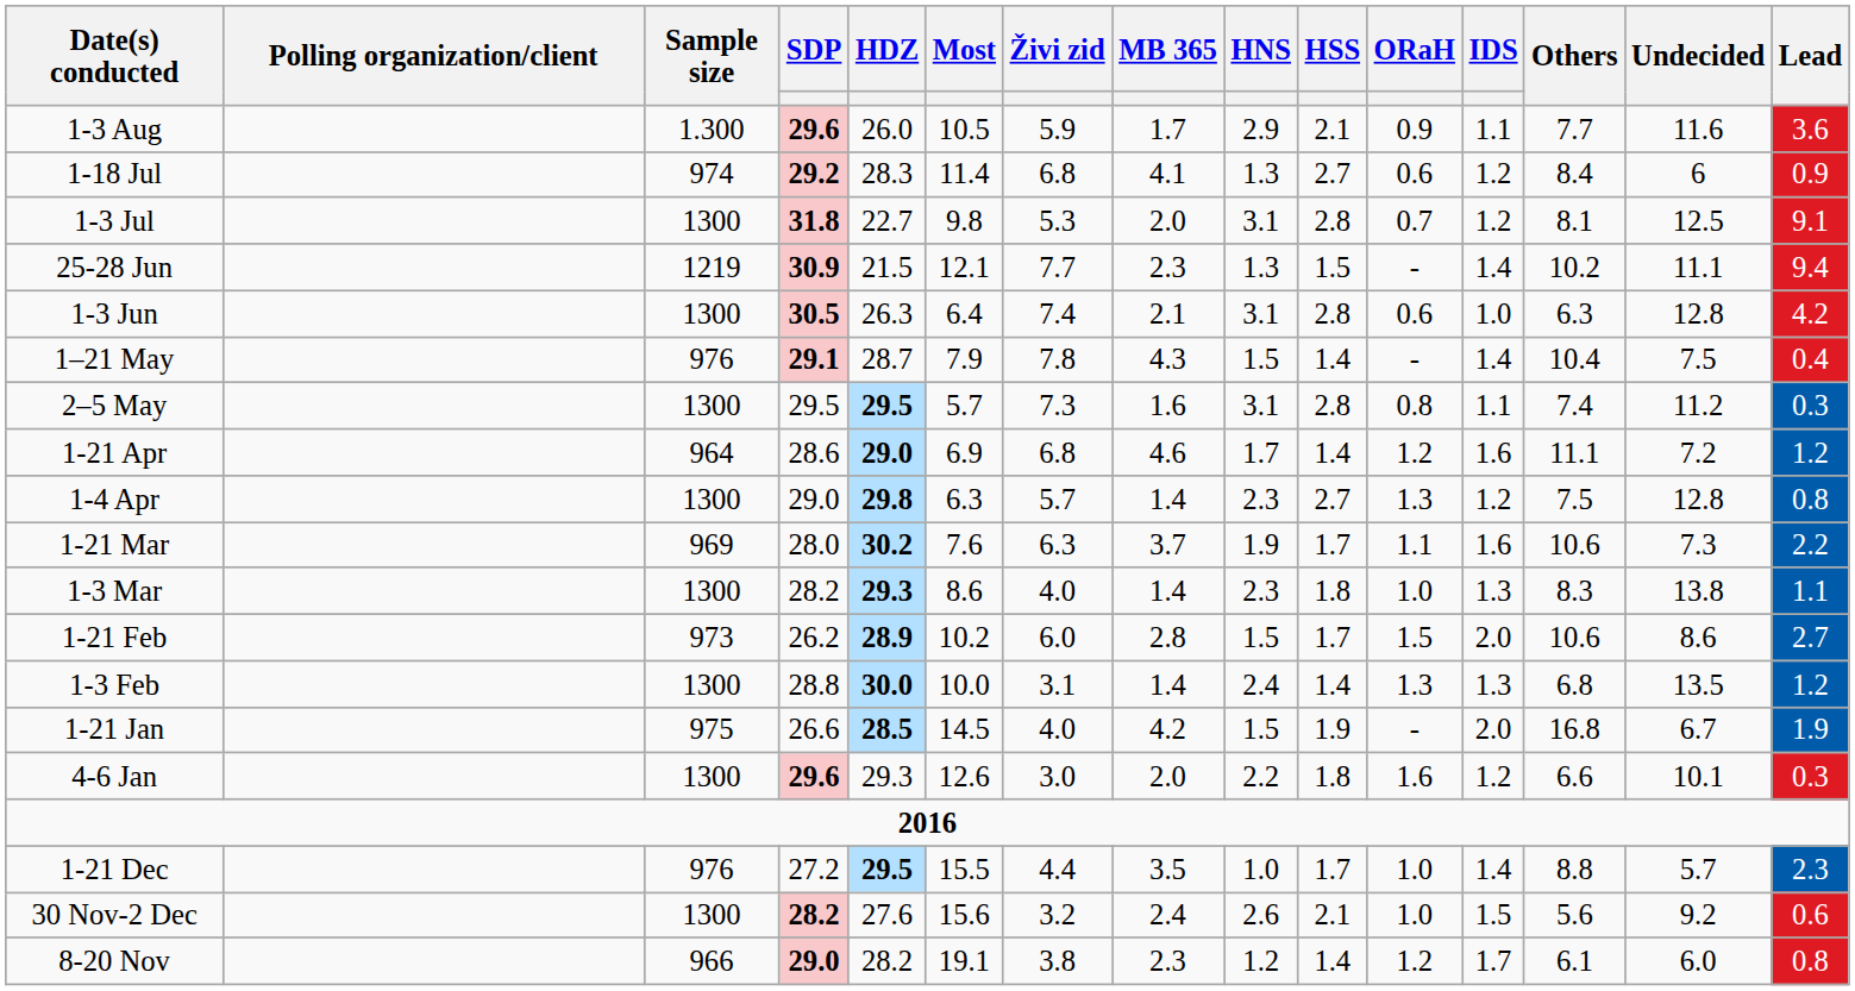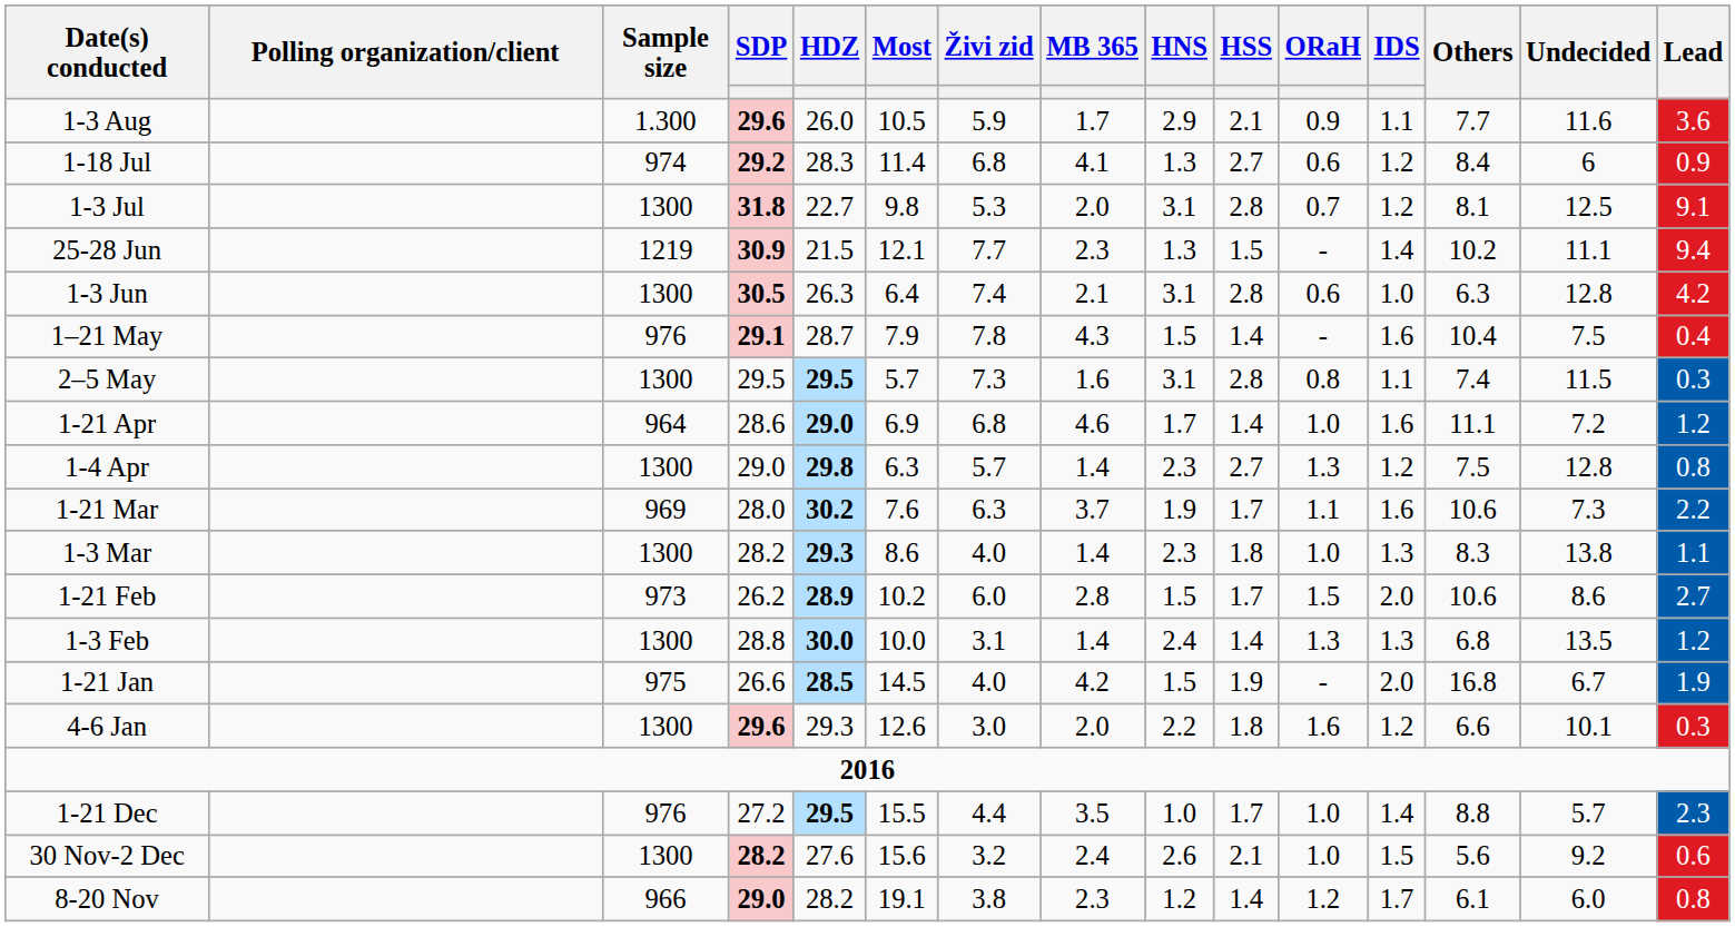 <table class="wikitable" style="text-align:center; font-size:90%; line-height:16px;">
 <tr style="height:42px;">
 <th style="width:100px;" rowspan="2">Date(s) conducted</th>
 <th style="width:200px;" rowspan="2">Polling organization/client</th>
 <th style="width:60px;" rowspan="2">Sample size</th>
 <th><a href='#'><span>SDP</span></a></th>
 <th><a href='#'><span>HDZ</span></a></th>
 <th><a href='#'><span>Most</span></a></th>
 <th><a href='#'><span>Živi zid</span></a></th>
 <th><a href='#'><span>MB 365</span></a></th>
 <th><a href='#'><span>HNS</span></a></th>
 <th><a href='#'><span>HSS</span></a></th>
 <th><a href='#'><span>ORaH</span></a></th>
 <th><a href='#'>IDS</a></th>
 <th style="width:40px;" rowspan="2">Others</th>
 <th style="width:40px;" rowspan="2">Undecided</th>
 <th style="width:20px;" rowspan="2">Lead</th>
 </tr>
 <tr>
 <th style="background:"></th>
 <th style="background:"></th>
 <th style="background:"></th>
 <th style="background:"></th>
 <th style="background:"></th>
 <th style="background:"></th>
 <th style="background:"></th>
 <th style="background:"></th>
 <th style="background:"></th>
 </tr>
 <tr>
 <td>1-3 Aug</td>
 <td></td>
 <td>1.300</td>
 <td style="background:#F9C8CA"><strong>29.6</strong></td>
 <td>26.0</td>
 <td>10.5</td>
 <td>5.9</td>
 <td>1.7</td>
 <td>2.9</td>
 <td>2.1</td>
 <td>0.9</td>
 <td>1.1</td>
 <td>7.7</td>
 <td>11.6</td>
 <td style="background:#DF1A22; color:white;">3.6</td>
 </tr>
 <tr>
 <td>1-18 Jul</td>
 <td></td>
 <td>974</td>
 <td style="background:#F9C8CA"><strong>29.2</strong></td>
 <td>28.3</td>
 <td>11.4</td>
 <td>6.8</td>
 <td>4.1</td>
 <td>1.3</td>
 <td>2.7</td>
 <td>0.6</td>
 <td>1.2</td>
 <td>8.4</td>
 <td>6</td>
 <td style="background:#DF1A22; color:white;">0.9</td>
 </tr>
 <tr>
 <td>1-3 Jul</td>
 <td></td>
 <td>1300</td>
 <td style="background:#F9C8CA"><strong>31.8</strong></td>
 <td>22.7</td>
 <td>9.8</td>
 <td>5.3</td>
 <td>2.0</td>
 <td>3.1</td>
 <td>2.8</td>
 <td>0.7</td>
 <td>1.2</td>
 <td>8.1</td>
 <td>12.5</td>
 <td style="background:#DF1A22; color:white;">9.1</td>
 </tr>
 <tr>
 <td>25-28 Jun</td>
 <td></td>
 <td>1219</td>
 <td style="background:#F9C8CA"><strong>30.9</strong></td>
 <td>21.5</td>
 <td>12.1</td>
 <td>7.7</td>
 <td>2.3</td>
 <td>1.3</td>
 <td>1.5</td>
 <td>-</td>
 <td>1.4</td>
 <td>10.2</td>
 <td>11.1</td>
 <td style="background:#DF1A22; color:white;">9.4</td>
 </tr>
 <tr>
 <td>1-3 Jun</td>
 <td></td>
 <td>1300</td>
 <td style="background:#F9C8CA"><strong>30.5</strong></td>
 <td>26.3</td>
 <td>6.4</td>
 <td>7.4</td>
 <td>2.1</td>
 <td>3.1</td>
 <td>2.8</td>
 <td>0.6</td>
 <td>1.0</td>
 <td>6.3</td>
 <td>12.8</td>
 <td style="background:#DF1A22; color:white;">4.2</td>
 </tr>
 <tr>
 <td>1–21 May</td>
 <td></td>
 <td>976</td>
 <td style="background:#F9C8CA"><strong>29.1</strong></td>
 <td>28.7</td>
 <td>7.9</td>
 <td>7.8</td>
 <td>4.3</td>
 <td>1.5</td>
 <td>1.4</td>
 <td>-</td>
-<td>1.4</td>
+<td>1.6</td>
 <td>10.4</td>
 <td>7.5</td>
 <td style="background:#DF1A22; color:white;">0.4</td>
 </tr>
 <tr>
 <td>2–5 May</td>
 <td></td>
 <td>1300</td>
 <td>29.5</td>
 <td style="background:#B3E0FF"><strong>29.5</strong></td>
 <td>5.7</td>
 <td>7.3</td>
 <td>1.6</td>
 <td>3.1</td>
 <td>2.8</td>
 <td>0.8</td>
 <td>1.1</td>
 <td>7.4</td>
-<td>11.2</td>
+<td>11.5</td>
 <td style="background:#005BAA; color:white;">0.3</td>
 </tr>
 <tr>
 <td>1-21 Apr</td>
 <td></td>
 <td>964</td>
 <td>28.6</td>
 <td style="background:#B3E0FF"><strong>29.0</strong></td>
 <td>6.9</td>
 <td>6.8</td>
 <td>4.6</td>
 <td>1.7</td>
 <td>1.4</td>
-<td>1.2</td>
+<td>1.0</td>
 <td>1.6</td>
 <td>11.1</td>
 <td>7.2</td>
 <td style="background:#005BAA; color:white;">1.2</td>
 </tr>
 <tr>
 <td>1-4 Apr</td>
 <td></td>
 <td>1300</td>
 <td>29.0</td>
 <td style="background:#B3E0FF"><strong>29.8</strong></td>
 <td>6.3</td>
 <td>5.7</td>
 <td>1.4</td>
 <td>2.3</td>
 <td>2.7</td>
 <td>1.3</td>
 <td>1.2</td>
 <td>7.5</td>
 <td>12.8</td>
 <td style="background:#005BAA; color:white;">0.8</td>
 </tr>
 <tr>
 <td>1-21 Mar</td>
 <td></td>
 <td>969</td>
 <td>28.0</td>
 <td style="background:#B3E0FF"><strong>30.2</strong></td>
 <td>7.6</td>
 <td>6.3</td>
 <td>3.7</td>
 <td>1.9</td>
 <td>1.7</td>
 <td>1.1</td>
 <td>1.6</td>
 <td>10.6</td>
 <td>7.3</td>
 <td style="background:#005BAA; color:white;">2.2</td>
 </tr>
 <tr>
 <td>1-3 Mar</td>
 <td></td>
 <td>1300</td>
 <td>28.2</td>
 <td style="background:#B3E0FF"><strong>29.3</strong></td>
 <td>8.6</td>
 <td>4.0</td>
 <td>1.4</td>
 <td>2.3</td>
 <td>1.8</td>
 <td>1.0</td>
 <td>1.3</td>
 <td>8.3</td>
 <td>13.8</td>
 <td style="background:#005BAA; color:white;">1.1</td>
 </tr>
 <tr>
 <td>1-21 Feb</td>
 <td></td>
 <td>973</td>
 <td>26.2</td>
 <td style="background:#B3E0FF"><strong>28.9</strong></td>
 <td>10.2</td>
 <td>6.0</td>
 <td>2.8</td>
 <td>1.5</td>
 <td>1.7</td>
 <td>1.5</td>
 <td>2.0</td>
 <td>10.6</td>
 <td>8.6</td>
 <td style="background:#005BAA; color:white;">2.7</td>
 </tr>
 <tr>
 <td>1-3 Feb</td>
 <td></td>
 <td>1300</td>
 <td>28.8</td>
 <td style="background:#B3E0FF"><strong>30.0</strong></td>
 <td>10.0</td>
 <td>3.1</td>
 <td>1.4</td>
 <td>2.4</td>
 <td>1.4</td>
 <td>1.3</td>
 <td>1.3</td>
 <td>6.8</td>
 <td>13.5</td>
 <td style="background:#005BAA; color:white;">1.2</td>
 </tr>
 <tr>
 <td>1-21 Jan</td>
 <td></td>
 <td>975</td>
 <td>26.6</td>
 <td style="background:#B3E0FF"><strong>28.5</strong></td>
 <td>14.5</td>
 <td>4.0</td>
 <td>4.2</td>
 <td>1.5</td>
 <td>1.9</td>
 <td>-</td>
 <td>2.0</td>
 <td>16.8</td>
 <td>6.7</td>
 <td style="background:#005BAA; color:white;">1.9</td>
 </tr>
 <tr>
 <td>4-6 Jan</td>
 <td></td>
 <td>1300</td>
 <td style="background:#F9C8CA"><strong>29.6</strong></td>
 <td>29.3</td>
 <td>12.6</td>
 <td>3.0</td>
 <td>2.0</td>
 <td>2.2</td>
 <td>1.8</td>
 <td>1.6</td>
 <td>1.2</td>
 <td>6.6</td>
 <td>10.1</td>
 <td style="background:#DF1A22; color:white;">0.3</td>
 </tr>
 <tr>
 <td colspan="15"><strong>2016</strong></td>
 </tr>
 <tr>
 <td>1-21 Dec</td>
 <td></td>
 <td>976</td>
 <td>27.2</td>
 <td style="background:#B3E0FF"><strong>29.5</strong></td>
 <td>15.5</td>
 <td>4.4</td>
 <td>3.5</td>
 <td>1.0</td>
 <td>1.7</td>
 <td>1.0</td>
 <td>1.4</td>
 <td>8.8</td>
 <td>5.7</td>
 <td style="background:#005BAA; color:white;">2.3</td>
 </tr>
 <tr>
 <td>30 Nov-2 Dec</td>
 <td></td>
 <td>1300</td>
 <td style="background:#F9C8CA"><strong>28.2</strong></td>
 <td>27.6</td>
 <td>15.6</td>
 <td>3.2</td>
 <td>2.4</td>
 <td>2.6</td>
 <td>2.1</td>
 <td>1.0</td>
 <td>1.5</td>
 <td>5.6</td>
 <td>9.2</td>
 <td style="background:#DF1A22; color:white;">0.6</td>
 </tr>
 <tr>
 <td>8-20 Nov</td>
 <td></td>
 <td>966</td>
 <td style="background:#F9C8CA"><strong>29.0</strong></td>
 <td>28.2</td>
 <td>19.1</td>
 <td>3.8</td>
 <td>2.3</td>
 <td>1.2</td>
 <td>1.4</td>
 <td>1.2</td>
 <td>1.7</td>
 <td>6.1</td>
 <td>6.0</td>
 <td style="background:#DF1A22; color:white;">0.8</td>
 </tr>
 </table>
